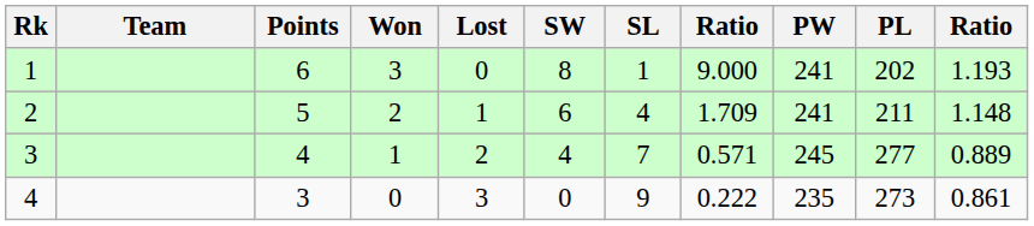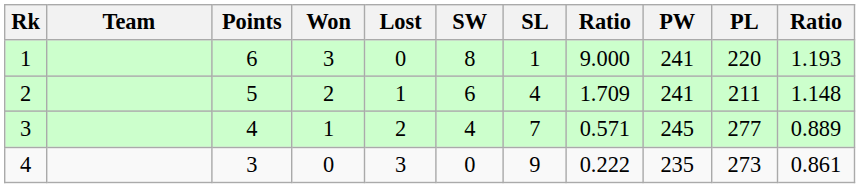 <table class=wikitable style=text-align:center>
 <tr>
 <th width=25>Rk</th>
 <th width=200>Team</th>
 <th width=60>Points</th>
 <th width=60>Won</th>
 <th width=60>Lost</th>
 <th width=60>SW</th>
 <th width=60>SL</th>
 <th width=60>Ratio</th>
 <th width=60>PW</th>
 <th width=60>PL</th>
 <th width=60>Ratio</th>
 </tr>
 <tr style="background: #CCFFCC">
 <td>1</td>
 <td align=left></td>
 <td>6</td>
 <td>3</td>
 <td>0</td>
 <td>8</td>
 <td>1</td>
 <td>9.000</td>
 <td>241</td>
-<td>202</td>
+<td>220</td>
 <td>1.193</td>
 </tr>
 <tr style="background: #CCFFCC">
 <td>2</td>
 <td align=left></td>
 <td>5</td>
 <td>2</td>
 <td>1</td>
 <td>6</td>
 <td>4</td>
 <td>1.709</td>
 <td>241</td>
 <td>211</td>
 <td>1.148</td>
 </tr>
 <tr style="background: #CCFFCC">
 <td>3</td>
 <td align=left></td>
 <td>4</td>
 <td>1</td>
 <td>2</td>
 <td>4</td>
 <td>7</td>
 <td>0.571</td>
 <td>245</td>
 <td>277</td>
 <td>0.889</td>
 </tr>
 <tr>
 <td>4</td>
 <td align=left></td>
 <td>3</td>
 <td>0</td>
 <td>3</td>
 <td>0</td>
 <td>9</td>
 <td>0.222</td>
 <td>235</td>
 <td>273</td>
 <td>0.861</td>
 </tr>
 </table>
